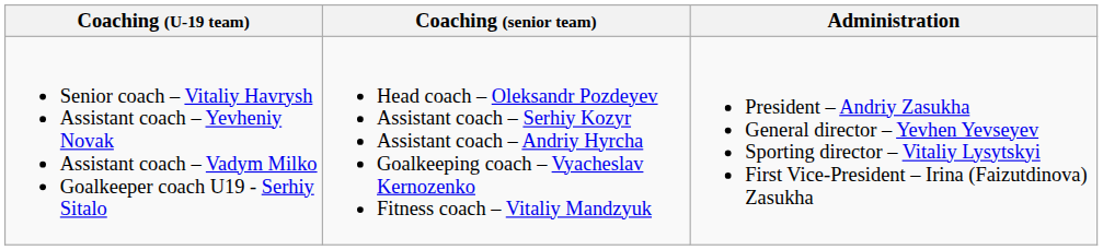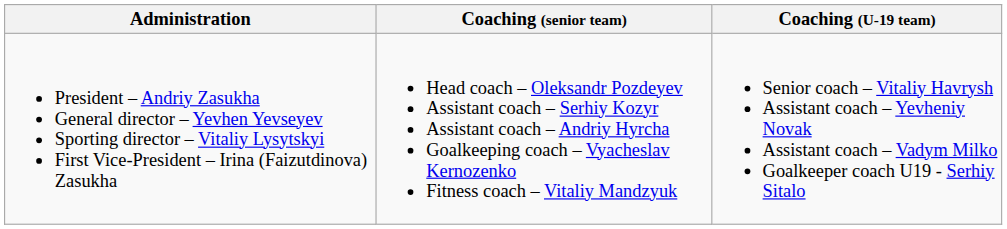 <table class="wikitable">
 <tr>
+<th>Administration</th>
+<th>Coaching <small>(senior team)</small></th>
 <th>Coaching <small>(U-19 team)</small></th>
-<th>Coaching <small>(senior team)</small></th>
-<th>Administration</th>
 </tr>
 <tr>
+<td><br><ul><li>President – <a href='#'>Andriy Zasukha</a></li><li>General director – <a href='#'>Yevhen Yevseyev</a></li><li>Sporting director – <a href='#'>Vitaliy Lysytskyi</a></li><li>First Vice-President – Irina (Faizutdinova) Zasukha</li></ul></td>
+<td><br><ul><li>Head coach – <a href='#'>Oleksandr Pozdeyev</a></li><li>Assistant coach – <a href='#'>Serhiy Kozyr</a></li><li>Assistant coach – <a href='#'>Andriy Hyrcha</a></li><li>Goalkeeping coach – <a href='#'>Vyacheslav Kernozenko</a></li><li>Fitness coach – <a href='#'>Vitaliy Mandzyuk</a></li></ul></td>
 <td><br><ul><li>Senior coach – <a href='#'>Vitaliy Havrysh</a></li><li>Assistant coach – <a href='#'>Yevheniy Novak</a></li><li>Assistant coach – <a href='#'>Vadym Milko</a></li><li>Goalkeeper coach U19 - <a href='#'>Serhiy Sitalo</a></li></ul></td>
-<td><br><ul><li>Head coach – <a href='#'>Oleksandr Pozdeyev</a></li><li>Assistant coach – <a href='#'>Serhiy Kozyr</a></li><li>Assistant coach – <a href='#'>Andriy Hyrcha</a></li><li>Goalkeeping coach – <a href='#'>Vyacheslav Kernozenko</a></li><li>Fitness coach – <a href='#'>Vitaliy Mandzyuk</a></li></ul></td>
-<td><br><ul><li>President – <a href='#'>Andriy Zasukha</a></li><li>General director – <a href='#'>Yevhen Yevseyev</a></li><li>Sporting director – <a href='#'>Vitaliy Lysytskyi</a></li><li>First Vice-President – Irina (Faizutdinova) Zasukha</li></ul></td>
 </tr>
 </table>
